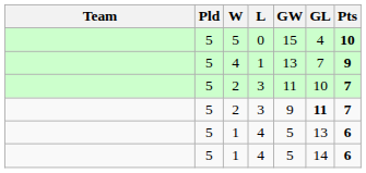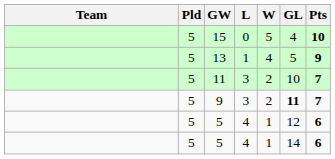 <table class="wikitable" style="text-align:center">
 <tr>
 <th width=200>Team</th>
 <th width=20>Pld</th>
+<th width=20>GW</th>
+<th width=20>L</th>
 <th width=20>W</th>
-<th width=20>L</th>
-<th width=20>GW</th>
 <th width=20>GL</th>
 <th width=20>Pts</th>
 </tr>
 <tr bgcolor=ccffcc>
 <td style="text-align:left;"></td>
 <td>5</td>
+<td>15</td>
+<td>0</td>
 <td>5</td>
-<td>0</td>
-<td>15</td>
 <td>4</td>
 <td><strong>10</strong></td>
 </tr>
 <tr bgcolor=ccffcc>
 <td style="text-align:left;"></td>
 <td>5</td>
+<td>13</td>
+<td>1</td>
 <td>4</td>
-<td>1</td>
-<td>13</td>
-<td>7</td>
+<td>5</td>
 <td><strong>9</strong></td>
 </tr>
 <tr bgcolor=ccffcc>
 <td style="text-align:left;"></td>
 <td>5</td>
+<td>11</td>
+<td>3</td>
 <td>2</td>
-<td>3</td>
-<td>11</td>
 <td>10</td>
 <td><strong>7</strong></td>
 </tr>
 <tr>
 <td style="text-align:left;"></td>
 <td>5</td>
+<td>9</td>
+<td>3</td>
 <td>2</td>
-<td>3</td>
-<td>9</td>
 <td><strong>11</strong></td>
 <td><strong>7</strong></td>
 </tr>
 <tr>
 <td style="text-align:left;"></td>
 <td>5</td>
+<td>5</td>
+<td>4</td>
 <td>1</td>
-<td>4</td>
-<td>5</td>
-<td>13</td>
+<td>12</td>
 <td><strong>6</strong></td>
 </tr>
 <tr>
 <td style="text-align:left;"></td>
 <td>5</td>
+<td>5</td>
+<td>4</td>
 <td>1</td>
-<td>4</td>
-<td>5</td>
 <td>14</td>
 <td><strong>6</strong></td>
 </tr>
 </table>
